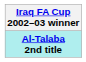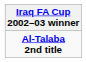 <table class="wikitable" style="text-align: center; margin: 0 auto;">
 <tr>
 <th><a href='#'>Iraq FA Cup</a><br>2002–03 winner</th>
 </tr>
 <tr>
-<td style="background: paleturquoise;"><strong><a href='#'>Al-Talaba</a></strong><br><strong>2nd title</strong></td>
+<td><strong><a href='#'>Al-Talaba</a></strong><br><strong>2nd title</strong></td>
 </tr>
 </table>
